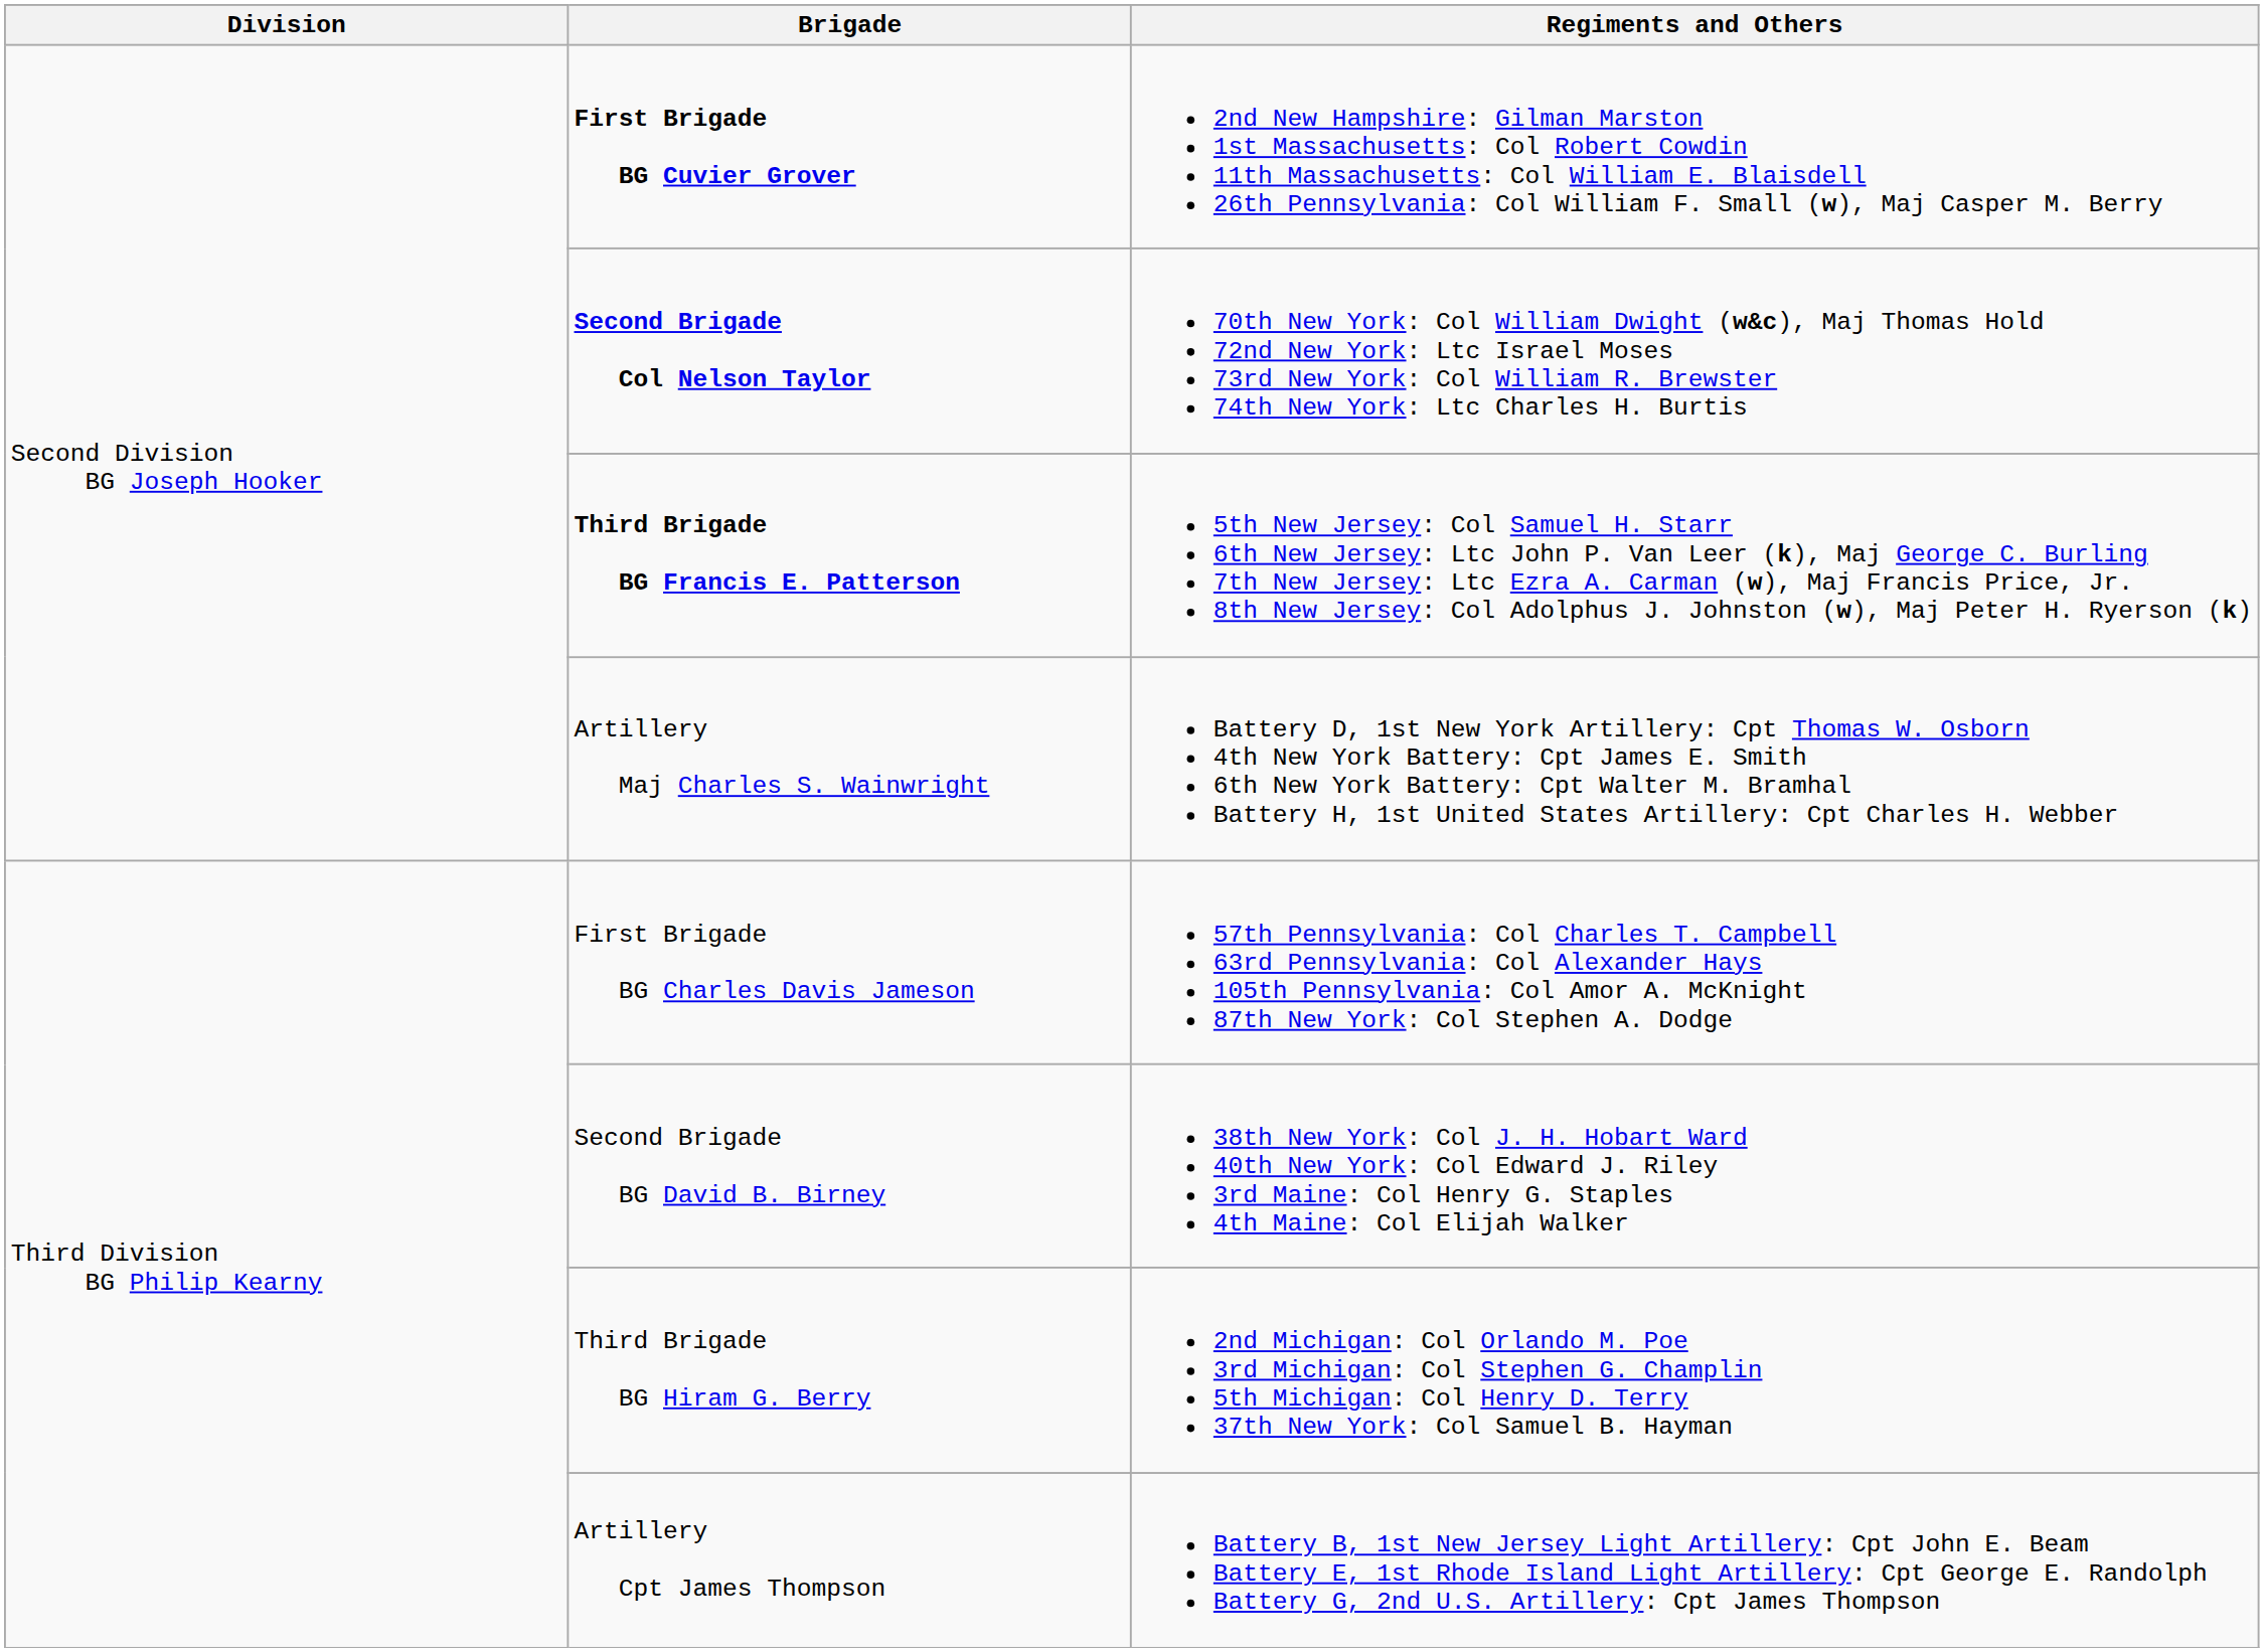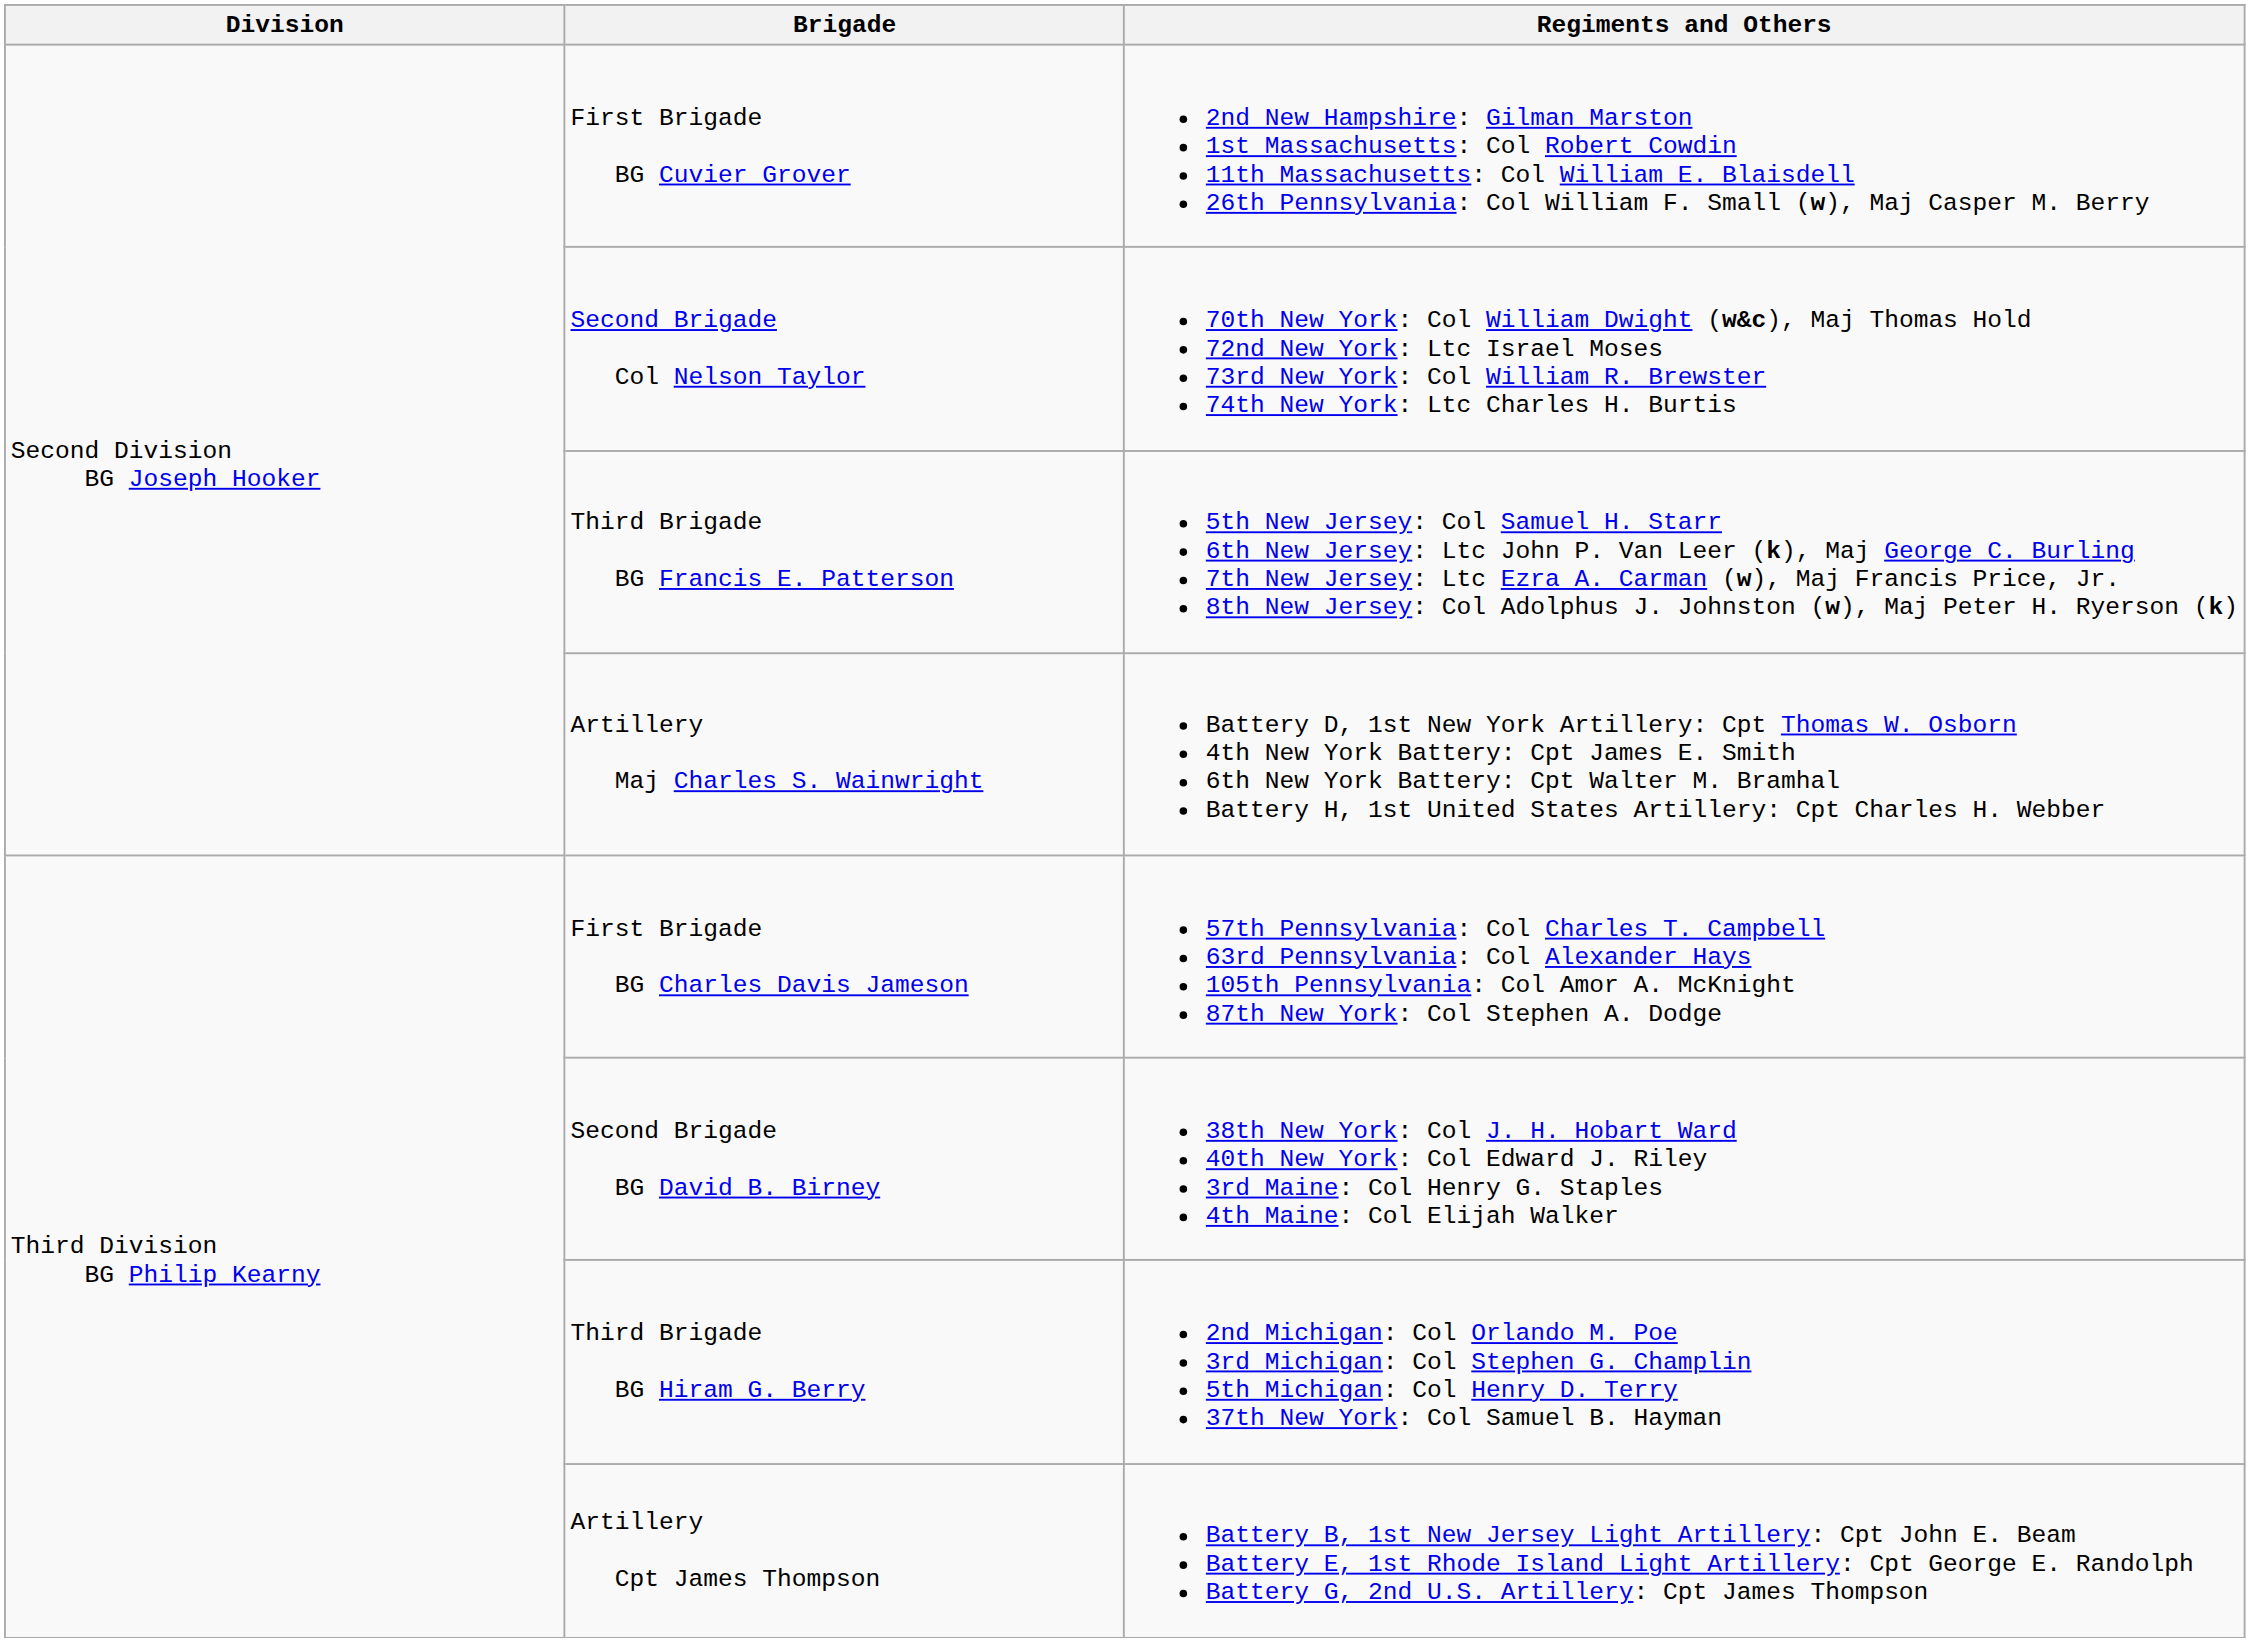 <table class="wikitable">
 <tr>
 <th style="width:25%;">Division</th>
 <th style="width:25%;">Brigade</th>
 <th>Regiments and Others</th>
 </tr>
 <tr>
 <td rowspan=4><br>Second Division <br>     BG <a href='#'>Joseph Hooker</a></td>
-<td><strong>First Brigade<br><br>   BG <a href='#'>Cuvier Grover</a></strong></td>
+<td>First Brigade<br><br>   BG <a href='#'>Cuvier Grover</a></td>
 <td><br><ul><li><a href='#'>2nd New Hampshire</a>: <a href='#'>Gilman Marston</a></li><li><a href='#'>1st Massachusetts</a>: Col <a href='#'>Robert Cowdin</a></li><li><a href='#'>11th Massachusetts</a>: Col <a href='#'>William E. Blaisdell</a></li><li><a href='#'>26th Pennsylvania</a>: Col William F. Small (<strong>w</strong>), Maj Casper M. Berry</li></ul></td>
 </tr>
 <tr>
-<td><strong><a href='#'>Second Brigade</a><br><br>   Col <a href='#'>Nelson Taylor</a></strong></td>
+<td><a href='#'>Second Brigade</a><br><br>   Col <a href='#'>Nelson Taylor</a></td>
 <td><br><ul><li><a href='#'>70th New York</a>: Col <a href='#'>William Dwight</a> (<strong>w&c</strong>), Maj Thomas Hold</li><li><a href='#'>72nd New York</a>: Ltc Israel Moses</li><li><a href='#'>73rd New York</a>: Col <a href='#'>William R. Brewster</a></li><li><a href='#'>74th New York</a>: Ltc Charles H. Burtis</li></ul></td>
 </tr>
 <tr>
-<td><strong>Third Brigade<br><br>   BG <a href='#'>Francis E. Patterson</a></strong></td>
+<td>Third Brigade<br><br>   BG <a href='#'>Francis E. Patterson</a></td>
 <td><br><ul><li><a href='#'>5th New Jersey</a>: Col <a href='#'>Samuel H. Starr</a></li><li><a href='#'>6th New Jersey</a>: Ltc John P. Van Leer (<strong>k</strong>), Maj <a href='#'>George C. Burling</a></li><li><a href='#'>7th New Jersey</a>: Ltc <a href='#'>Ezra A. Carman</a> (<strong>w</strong>), Maj Francis Price, Jr.</li><li><a href='#'>8th New Jersey</a>: Col Adolphus J. Johnston (<strong>w</strong>), Maj Peter H. Ryerson (<strong>k</strong>)</li></ul></td>
 </tr>
 <tr>
 <td>Artillery<br><br>   Maj <a href='#'>Charles S. Wainwright</a></td>
 <td><br><ul><li>Battery D, 1st New York Artillery: Cpt <a href='#'>Thomas W. Osborn</a></li><li>4th New York Battery: Cpt James E. Smith</li><li>6th New York Battery: Cpt Walter M. Bramhal</li><li>Battery H, 1st United States Artillery: Cpt Charles H. Webber</li></ul></td>
 </tr>
 <tr>
 <td rowspan=4><br>Third Division <br>     BG <a href='#'>Philip Kearny</a></td>
 <td>First Brigade<br><br>   BG <a href='#'>Charles Davis Jameson</a></td>
 <td><br><ul><li><a href='#'>57th Pennsylvania</a>: Col <a href='#'>Charles T. Campbell</a></li><li><a href='#'>63rd Pennsylvania</a>: Col <a href='#'>Alexander Hays</a></li><li><a href='#'>105th Pennsylvania</a>: Col Amor A. McKnight</li><li><a href='#'>87th New York</a>: Col Stephen A. Dodge</li></ul></td>
 </tr>
 <tr>
 <td>Second Brigade<br><br>   BG <a href='#'>David B. Birney</a></td>
 <td><br><ul><li><a href='#'>38th New York</a>: Col <a href='#'>J. H. Hobart Ward</a></li><li><a href='#'>40th New York</a>: Col Edward J. Riley</li><li><a href='#'>3rd Maine</a>: Col Henry G. Staples</li><li><a href='#'>4th Maine</a>: Col Elijah Walker</li></ul></td>
 </tr>
 <tr>
 <td>Third Brigade<br><br>   BG <a href='#'>Hiram G. Berry</a></td>
 <td><br><ul><li><a href='#'>2nd Michigan</a>: Col <a href='#'>Orlando M. Poe</a></li><li><a href='#'>3rd Michigan</a>: Col <a href='#'>Stephen G. Champlin</a></li><li><a href='#'>5th Michigan</a>: Col <a href='#'>Henry D. Terry</a></li><li><a href='#'>37th New York</a>: Col Samuel B. Hayman</li></ul></td>
 </tr>
 <tr>
 <td>Artillery<br><br>   Cpt James Thompson</td>
 <td><br><ul><li><a href='#'>Battery B, 1st New Jersey Light Artillery</a>: Cpt John E. Beam</li><li><a href='#'>Battery E, 1st Rhode Island Light Artillery</a>: Cpt George E. Randolph</li><li><a href='#'>Battery G, 2nd U.S. Artillery</a>: Cpt James Thompson</li></ul></td>
 </tr>
 </table>
